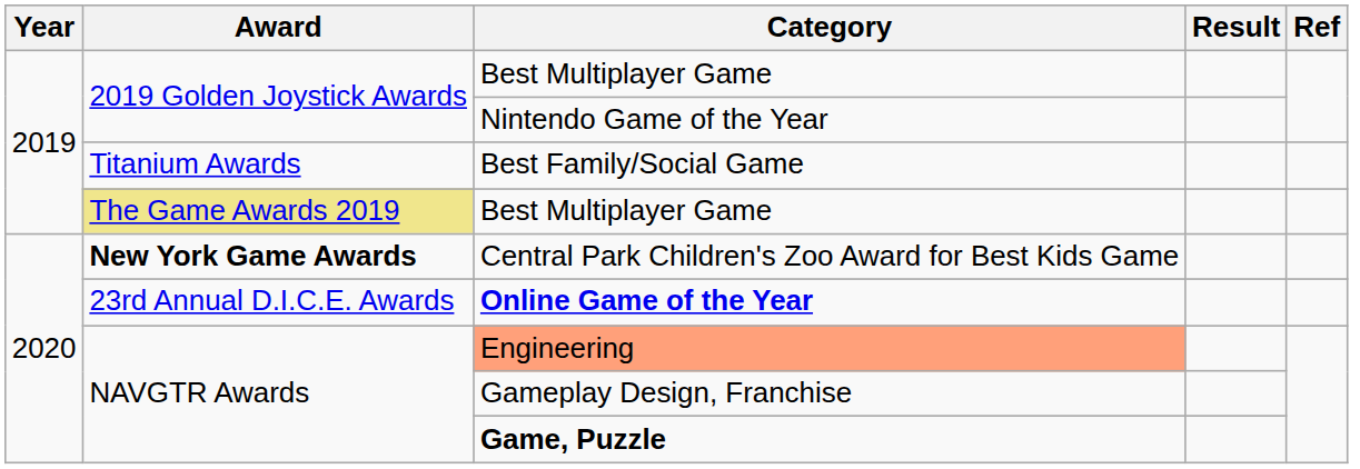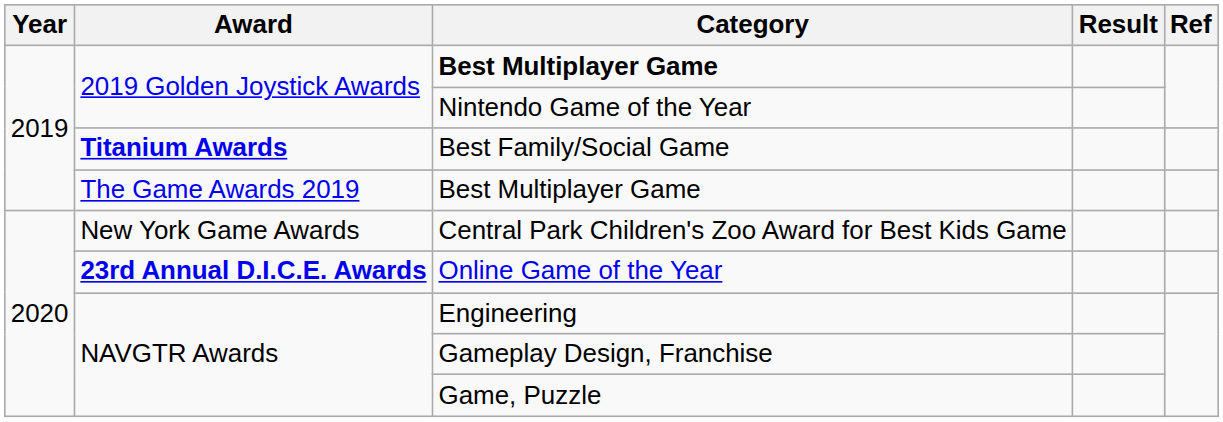 <table class="wikitable sortable">
 <tr>
 <th>Year</th>
 <th>Award</th>
 <th>Category</th>
 <th>Result</th>
 <th>Ref</th>
 </tr>
 <tr>
 <td style="text-align:center;" rowspan="4">2019</td>
 <td rowspan="2"><a href='#'>2019 Golden Joystick Awards</a></td>
-<td>Best Multiplayer Game</td>
+<td><strong>Best Multiplayer Game</strong></td>
 <td></td>
 <td rowspan="2" style="text-align:center;"></td>
 </tr>
 <tr>
 <td>Nintendo Game of the Year</td>
 <td></td>
 </tr>
 <tr>
-<td><a href='#'>Titanium Awards</a></td>
+<td><strong><a href='#'>Titanium Awards</a></strong></td>
 <td>Best Family/Social Game</td>
 <td></td>
 <td style="text-align:center;"></td>
 </tr>
 <tr>
-<td style="background: khaki;"><a href='#'>The Game Awards 2019</a></td>
+<td><a href='#'>The Game Awards 2019</a></td>
 <td>Best Multiplayer Game</td>
 <td></td>
 <td style="text-align:center;"></td>
 </tr>
 <tr>
 <td style="text-align:center;" rowspan="5">2020</td>
-<td><strong>New York Game Awards</strong></td>
+<td>New York Game Awards</td>
 <td>Central Park Children's Zoo Award for Best Kids Game</td>
 <td></td>
 <td style="text-align:center;"></td>
 </tr>
 <tr>
-<td><a href='#'>23rd Annual D.I.C.E. Awards</a></td>
-<td><strong><a href='#'>Online Game of the Year</a></strong></td>
+<td><strong><a href='#'>23rd Annual D.I.C.E. Awards</a></strong></td>
+<td><a href='#'>Online Game of the Year</a></td>
 <td></td>
 <td style="text-align:center;"></td>
 </tr>
 <tr>
 <td rowspan="3">NAVGTR Awards</td>
-<td style="background: lightsalmon;">Engineering</td>
+<td>Engineering</td>
 <td></td>
 <td rowspan="3" style="text-align:center;"></td>
 </tr>
 <tr>
 <td>Gameplay Design, Franchise</td>
 <td></td>
 </tr>
 <tr>
-<td><strong>Game, Puzzle</strong></td>
+<td>Game, Puzzle</td>
 <td></td>
 </tr>
 </table>
